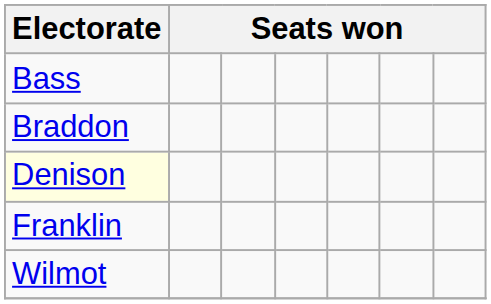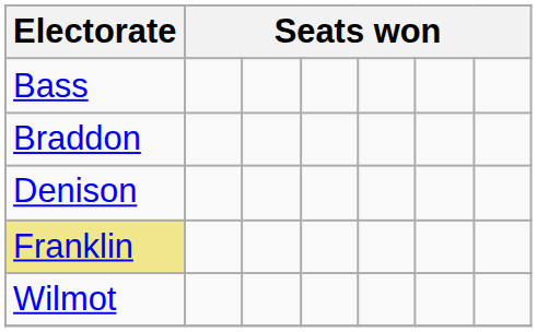 <table class="wikitable">
 <tr>
 <th>Electorate</th>
 <th colspan=7>Seats won</th>
 </tr>
 <tr>
 <td><a href='#'>Bass</a></td>
 <td width=20 > </td>
 <td width=20 > </td>
 <td width=20 > </td>
 <td width=20 > </td>
 <td width=20 > </td>
 <td width=20 > </td>
 </tr>
 <tr>
 <td><a href='#'>Braddon</a></td>
 <td> </td>
 <td> </td>
 <td> </td>
 <td> </td>
 <td> </td>
 <td> </td>
 </tr>
 <tr>
-<td style="background: lightyellow;"><a href='#'>Denison</a></td>
+<td><a href='#'>Denison</a></td>
 <td> </td>
 <td> </td>
 <td> </td>
 <td> </td>
 <td> </td>
 <td> </td>
 </tr>
 <tr>
-<td><a href='#'>Franklin</a></td>
+<td style="background: khaki;"><a href='#'>Franklin</a></td>
 <td> </td>
 <td> </td>
 <td> </td>
 <td> </td>
 <td> </td>
 <td> </td>
 </tr>
 <tr>
 <td><a href='#'>Wilmot</a></td>
 <td> </td>
 <td> </td>
 <td> </td>
 <td> </td>
 <td> </td>
 <td> </td>
 </tr>
 <tr>
 </tr>
 </table>
